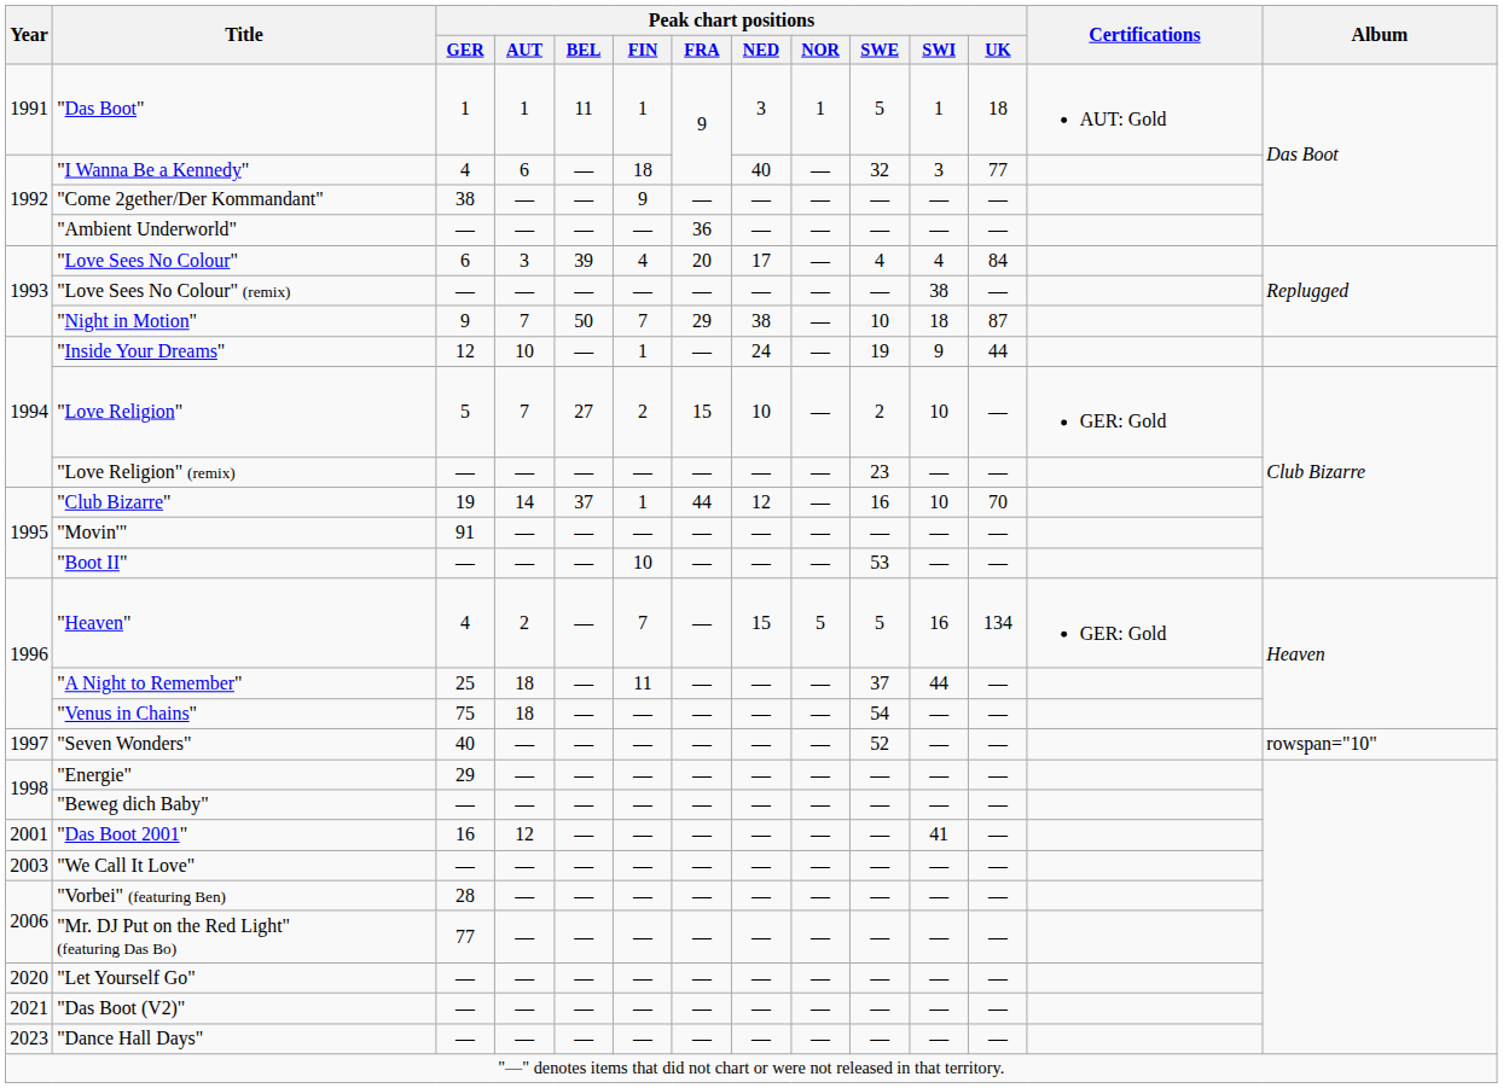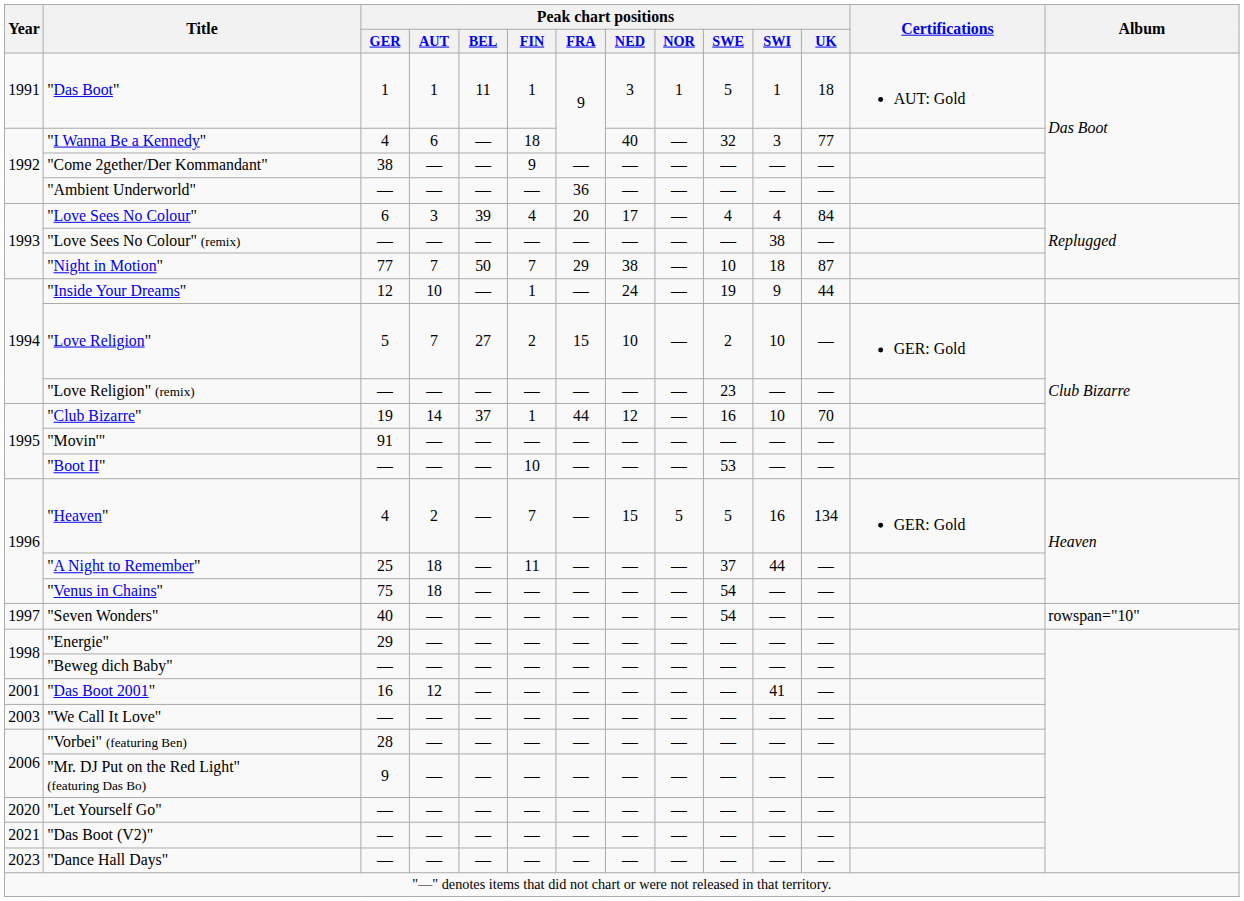 <table class="wikitable">
 <tr>
 <th rowspan="2">Year</th>
 <th rowspan="2" style="width:20em;">Title</th>
 <th colspan="10">Peak chart positions</th>
 <th rowspan="2" style="width:12em;"><a href='#'>Certifications</a></th>
 <th rowspan="2" style="width:12em;">Album</th>
 </tr>
 <tr>
 <th style="width:3em;font-size:90%;"><a href='#'>GER</a><br></th>
 <th style="width:3em;font-size:90%;"><a href='#'>AUT</a><br></th>
 <th style="width:3em;font-size:90%;"><a href='#'>BEL</a><br></th>
 <th style="width:3em;font-size:90%;"><a href='#'>FIN</a><br></th>
 <th style="width:3em;font-size:90%;"><a href='#'>FRA</a><br></th>
 <th style="width:3em;font-size:90%;"><a href='#'>NED</a><br></th>
 <th style="width:3em;font-size:90%;"><a href='#'>NOR</a><br></th>
 <th style="width:3em;font-size:90%;"><a href='#'>SWE</a><br></th>
 <th style="width:3em;font-size:90%;"><a href='#'>SWI</a><br></th>
 <th style="width:3em;font-size:90%;"><a href='#'>UK</a><br></th>
 </tr>
 <tr>
 <td>1991</td>
 <td>"<a href='#'>Das Boot</a>"</td>
 <td align="center">1</td>
 <td align="center">1</td>
 <td align="center">11</td>
 <td align="center">1</td>
 <td align="center" rowspan="2">9</td>
 <td align="center">3</td>
 <td align="center">1</td>
 <td align="center">5</td>
 <td align="center">1</td>
 <td align="center">18</td>
 <td><br><ul><li>AUT: Gold</li></ul></td>
 <td align="left" rowspan="4"><em>Das Boot</em></td>
 </tr>
 <tr>
 <td rowspan="3">1992</td>
 <td>"<a href='#'>I Wanna Be a Kennedy</a>"</td>
 <td align="center">4</td>
 <td align="center">6</td>
 <td align="center">—</td>
 <td align="center">18</td>
 <td align="center">40</td>
 <td align="center">—</td>
 <td align="center">32</td>
 <td align="center">3</td>
 <td align="center">77</td>
 <td></td>
 </tr>
 <tr>
 <td>"Come 2gether/Der Kommandant"</td>
 <td align="center">38</td>
 <td align="center">—</td>
 <td align="center">—</td>
 <td align="center">9</td>
 <td align="center">—</td>
 <td align="center">—</td>
 <td align="center">—</td>
 <td align="center">—</td>
 <td align="center">—</td>
 <td align="center">—</td>
 <td></td>
 </tr>
 <tr>
 <td>"Ambient Underworld"</td>
 <td align="center">—</td>
 <td align="center">—</td>
 <td align="center">—</td>
 <td align="center">—</td>
 <td align="center">36</td>
 <td align="center">—</td>
 <td align="center">—</td>
 <td align="center">—</td>
 <td align="center">—</td>
 <td align="center">—</td>
 <td></td>
 </tr>
 <tr>
 <td rowspan="3">1993</td>
 <td>"<a href='#'>Love Sees No Colour</a>"</td>
 <td align="center">6</td>
 <td align="center">3</td>
 <td align="center">39</td>
 <td align="center">4</td>
 <td align="center">20</td>
 <td align="center">17</td>
 <td align="center">—</td>
 <td align="center">4</td>
 <td align="center">4</td>
 <td align="center">84</td>
 <td></td>
 <td align="left" rowspan="3"><em>Replugged</em></td>
 </tr>
 <tr>
 <td>"Love Sees No Colour" <small>(remix)</small></td>
 <td align="center">—</td>
 <td align="center">—</td>
 <td align="center">—</td>
 <td align="center">—</td>
 <td align="center">—</td>
 <td align="center">—</td>
 <td align="center">—</td>
 <td align="center">—</td>
 <td align="center">38</td>
 <td align="center">—</td>
 <td></td>
 </tr>
 <tr>
 <td>"<a href='#'>Night in Motion</a>"</td>
-<td align="center">9</td>
+<td align="center">77</td>
 <td align="center">7</td>
 <td align="center">50</td>
 <td align="center">7</td>
 <td align="center">29</td>
 <td align="center">38</td>
 <td align="center">—</td>
 <td align="center">10</td>
 <td align="center">18</td>
 <td align="center">87</td>
 <td></td>
 </tr>
 <tr>
 <td rowspan="3">1994</td>
 <td>"<a href='#'>Inside Your Dreams</a>"</td>
 <td align="center">12</td>
 <td align="center">10</td>
 <td align="center">—</td>
 <td align="center">1</td>
 <td align="center">—</td>
 <td align="center">24</td>
 <td align="center">—</td>
 <td align="center">19</td>
 <td align="center">9</td>
 <td align="center">44</td>
 <td></td>
 <td></td>
 </tr>
 <tr>
 <td>"<a href='#'>Love Religion</a>"</td>
 <td align="center">5</td>
 <td align="center">7</td>
 <td align="center">27</td>
 <td align="center">2</td>
 <td align="center">15</td>
 <td align="center">10</td>
 <td align="center">—</td>
 <td align="center">2</td>
 <td align="center">10</td>
 <td align="center">—</td>
 <td><br><ul><li>GER: Gold</li></ul></td>
 <td align="left" rowspan="5"><em>Club Bizarre</em></td>
 </tr>
 <tr>
 <td>"Love Religion" <small>(remix)</small></td>
 <td align="center">—</td>
 <td align="center">—</td>
 <td align="center">—</td>
 <td align="center">—</td>
 <td align="center">—</td>
 <td align="center">—</td>
 <td align="center">—</td>
 <td align="center">23</td>
 <td align="center">—</td>
 <td align="center">—</td>
 <td></td>
 </tr>
 <tr>
 <td rowspan="3">1995</td>
 <td>"<a href='#'>Club Bizarre</a>"</td>
 <td align="center">19</td>
 <td align="center">14</td>
 <td align="center">37</td>
 <td align="center">1</td>
 <td align="center">44</td>
 <td align="center">12</td>
 <td align="center">—</td>
 <td align="center">16</td>
 <td align="center">10</td>
 <td align="center">70</td>
 <td></td>
 </tr>
 <tr>
 <td>"Movin'"</td>
 <td align="center">91</td>
 <td align="center">—</td>
 <td align="center">—</td>
 <td align="center">—</td>
 <td align="center">—</td>
 <td align="center">—</td>
 <td align="center">—</td>
 <td align="center">—</td>
 <td align="center">—</td>
 <td align="center">—</td>
 <td></td>
 </tr>
 <tr>
 <td>"<a href='#'>Boot II</a>"</td>
 <td align="center">—</td>
 <td align="center">—</td>
 <td align="center">—</td>
 <td align="center">10</td>
 <td align="center">—</td>
 <td align="center">—</td>
 <td align="center">—</td>
 <td align="center">53</td>
 <td align="center">—</td>
 <td align="center">—</td>
 <td></td>
 </tr>
 <tr>
 <td rowspan="3">1996</td>
 <td>"<a href='#'>Heaven</a>"</td>
 <td align="center">4</td>
 <td align="center">2</td>
 <td align="center">—</td>
 <td align="center">7</td>
 <td align="center">—</td>
 <td align="center">15</td>
 <td align="center">5</td>
 <td align="center">5</td>
 <td align="center">16</td>
 <td align="center">134</td>
 <td><br><ul><li>GER: Gold</li></ul></td>
 <td align="left" rowspan="3"><em>Heaven</em></td>
 </tr>
 <tr>
 <td>"<a href='#'>A Night to Remember</a>"</td>
 <td align="center">25</td>
 <td align="center">18</td>
 <td align="center">—</td>
 <td align="center">11</td>
 <td align="center">—</td>
 <td align="center">—</td>
 <td align="center">—</td>
 <td align="center">37</td>
 <td align="center">44</td>
 <td align="center">—</td>
 <td></td>
 </tr>
 <tr>
 <td>"<a href='#'>Venus in Chains</a>"</td>
 <td align="center">75</td>
 <td align="center">18</td>
 <td align="center">—</td>
 <td align="center">—</td>
 <td align="center">—</td>
 <td align="center">—</td>
 <td align="center">—</td>
 <td align="center">54</td>
 <td align="center">—</td>
 <td align="center">—</td>
 <td></td>
 </tr>
 <tr>
 <td>1997</td>
 <td>"Seven Wonders"</td>
 <td align="center">40</td>
 <td align="center">—</td>
 <td align="center">—</td>
 <td align="center">—</td>
 <td align="center">—</td>
 <td align="center">—</td>
 <td align="center">—</td>
-<td align="center">52</td>
+<td align="center">54</td>
 <td align="center">—</td>
 <td align="center">—</td>
 <td></td>
 <td>rowspan="10" </td>
 </tr>
 <tr>
 <td rowspan="2">1998</td>
 <td>"Energie"</td>
 <td align="center">29</td>
 <td align="center">—</td>
 <td align="center">—</td>
 <td align="center">—</td>
 <td align="center">—</td>
 <td align="center">—</td>
 <td align="center">—</td>
 <td align="center">—</td>
 <td align="center">—</td>
 <td align="center">—</td>
 <td></td>
 </tr>
 <tr>
 <td>"Beweg dich Baby"</td>
 <td align="center">—</td>
 <td align="center">—</td>
 <td align="center">—</td>
 <td align="center">—</td>
 <td align="center">—</td>
 <td align="center">—</td>
 <td align="center">—</td>
 <td align="center">—</td>
 <td align="center">—</td>
 <td align="center">—</td>
 <td></td>
 </tr>
 <tr>
 <td>2001</td>
 <td>"<a href='#'>Das Boot 2001</a>"</td>
 <td align="center">16</td>
 <td align="center">12</td>
 <td align="center">—</td>
 <td align="center">—</td>
 <td align="center">—</td>
 <td align="center">—</td>
 <td align="center">—</td>
 <td align="center">—</td>
 <td align="center">41</td>
 <td align="center">—</td>
 <td></td>
 </tr>
 <tr>
 <td>2003</td>
 <td>"We Call It Love"</td>
 <td align="center">—</td>
 <td align="center">—</td>
 <td align="center">—</td>
 <td align="center">—</td>
 <td align="center">—</td>
 <td align="center">—</td>
 <td align="center">—</td>
 <td align="center">—</td>
 <td align="center">—</td>
 <td align="center">—</td>
 <td></td>
 </tr>
 <tr>
 <td rowspan="2">2006</td>
 <td>"Vorbei" <small>(featuring Ben)</small></td>
 <td align="center">28</td>
 <td align="center">—</td>
 <td align="center">—</td>
 <td align="center">—</td>
 <td align="center">—</td>
 <td align="center">—</td>
 <td align="center">—</td>
 <td align="center">—</td>
 <td align="center">—</td>
 <td align="center">—</td>
 <td></td>
 </tr>
 <tr>
 <td>"Mr. DJ Put on the Red Light" <br><small>(featuring Das Bo)</small></td>
-<td align="center">77</td>
+<td align="center">9</td>
 <td align="center">—</td>
 <td align="center">—</td>
 <td align="center">—</td>
 <td align="center">—</td>
 <td align="center">—</td>
 <td align="center">—</td>
 <td align="center">—</td>
 <td align="center">—</td>
 <td align="center">—</td>
 <td></td>
 </tr>
 <tr>
 <td>2020</td>
 <td>"Let Yourself Go"</td>
 <td align="center">—</td>
 <td align="center">—</td>
 <td align="center">—</td>
 <td align="center">—</td>
 <td align="center">—</td>
 <td align="center">—</td>
 <td align="center">—</td>
 <td align="center">—</td>
 <td align="center">—</td>
 <td align="center">—</td>
 <td></td>
 </tr>
 <tr>
 <td>2021</td>
 <td>"Das Boot (V2)"</td>
 <td align="center">—</td>
 <td align="center">—</td>
 <td align="center">—</td>
 <td align="center">—</td>
 <td align="center">—</td>
 <td align="center">—</td>
 <td align="center">—</td>
 <td align="center">—</td>
 <td align="center">—</td>
 <td align="center">—</td>
 <td></td>
 </tr>
 <tr>
 <td>2023</td>
 <td>"Dance Hall Days"</td>
 <td align="center">—</td>
 <td align="center">—</td>
 <td align="center">—</td>
 <td align="center">—</td>
 <td align="center">—</td>
 <td align="center">—</td>
 <td align="center">—</td>
 <td align="center">—</td>
 <td align="center">—</td>
 <td align="center">—</td>
 <td></td>
 </tr>
 <tr>
 <td align="center" colspan="15" style="font-size:90%">"—" denotes items that did not chart or were not released in that territory.</td>
 </tr>
 </table>
